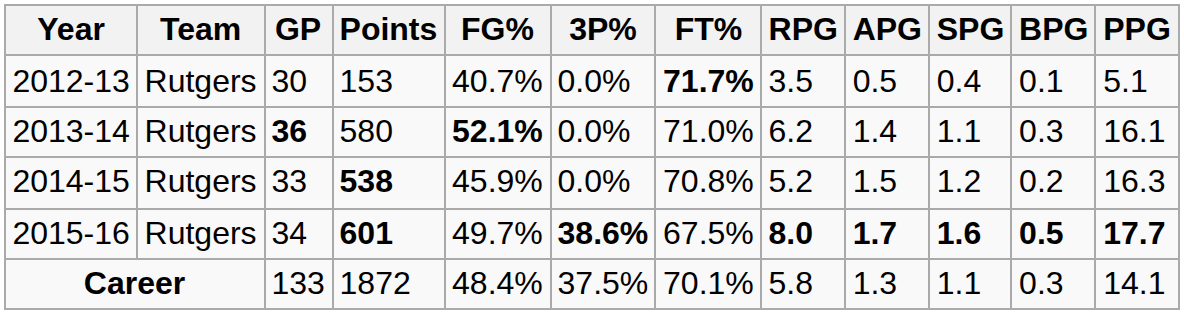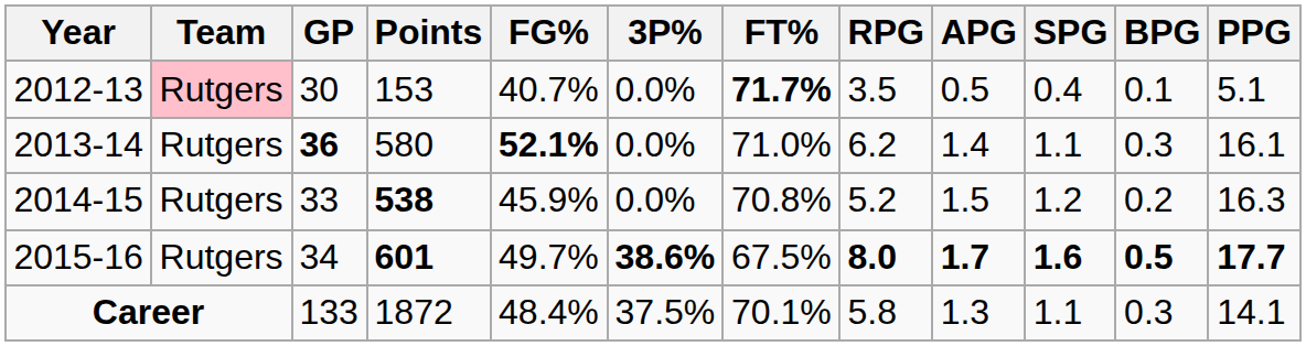 <table class="wikitable sortable">
 <tr>
 <th>Year</th>
 <th>Team</th>
 <th>GP</th>
 <th>Points</th>
 <th>FG%</th>
 <th>3P%</th>
 <th>FT%</th>
 <th>RPG</th>
 <th>APG</th>
 <th>SPG</th>
 <th>BPG</th>
 <th>PPG</th>
 </tr>
 <tr>
 <td>2012-13</td>
-<td>Rutgers</td>
+<td style="background: pink;">Rutgers</td>
 <td>30</td>
 <td>153</td>
 <td>40.7%</td>
 <td>0.0%</td>
 <td><strong>71.7%</strong></td>
 <td>3.5</td>
 <td>0.5</td>
 <td>0.4</td>
 <td>0.1</td>
 <td>5.1</td>
 </tr>
 <tr>
 <td>2013-14</td>
 <td>Rutgers</td>
 <td><strong>36</strong></td>
 <td>580</td>
 <td><strong>52.1%</strong></td>
 <td>0.0%</td>
 <td>71.0%</td>
 <td>6.2</td>
 <td>1.4</td>
 <td>1.1</td>
 <td>0.3</td>
 <td>16.1</td>
 </tr>
 <tr>
 <td>2014-15</td>
 <td>Rutgers</td>
 <td>33</td>
 <td><strong>538</strong></td>
 <td>45.9%</td>
 <td>0.0%</td>
 <td>70.8%</td>
 <td>5.2</td>
 <td>1.5</td>
 <td>1.2</td>
 <td>0.2</td>
 <td>16.3</td>
 </tr>
 <tr>
 <td>2015-16</td>
 <td>Rutgers</td>
 <td>34</td>
 <td><strong>601</strong></td>
 <td>49.7%</td>
 <td><strong>38.6%</strong></td>
 <td>67.5%</td>
 <td><strong>8.0</strong></td>
 <td><strong>1.7</strong></td>
 <td><strong>1.6</strong></td>
 <td><strong>0.5</strong></td>
 <td><strong>17.7</strong></td>
 </tr>
 <tr class="sortbottom">
 <td align=center colspan="2"><strong>Career</strong></td>
 <td>133</td>
 <td>1872</td>
 <td>48.4%</td>
 <td>37.5%</td>
 <td>70.1%</td>
 <td>5.8</td>
 <td>1.3</td>
 <td>1.1</td>
 <td>0.3</td>
 <td>14.1</td>
 </tr>
 </table>
